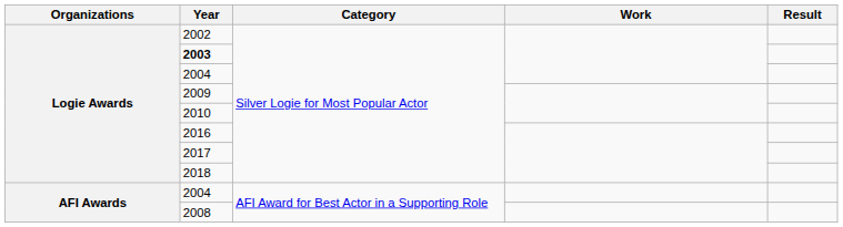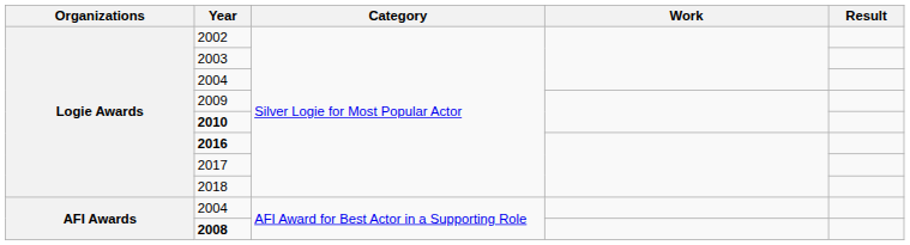 <table class="wikitable sortable plainrowheaders" style=font-size:95%>
 <tr>
 <th scope="col" style="width:20%;">Organizations</th>
 <th scope="col" style="width:6%;">Year</th>
 <th scope="col" style="width:31%;">Category</th>
 <th scope="col" style="width:30%;">Work</th>
 <th scope="col" style="width:8%;">Result</th>
 </tr>
 <tr>
 <th scope="row" rowspan=8>Logie Awards</th>
 <td>2002</td>
 <td rowspan=8><a href='#'>Silver Logie for Most Popular Actor</a></td>
 <td rowspan=3></td>
 <td></td>
 </tr>
 <tr>
-<td><strong>2003</strong></td>
+<td>2003</td>
 <td></td>
 </tr>
 <tr>
 <td>2004</td>
 <td></td>
 </tr>
 <tr>
 <td>2009</td>
 <td rowspan=2></td>
 <td></td>
 </tr>
 <tr>
-<td>2010</td>
+<td><strong>2010</strong></td>
 <td></td>
 </tr>
 <tr>
-<td>2016</td>
+<td><strong>2016</strong></td>
 <td rowspan=3></td>
 <td></td>
 </tr>
 <tr>
 <td>2017</td>
 <td></td>
 </tr>
 <tr>
 <td>2018</td>
 <td></td>
 </tr>
 <tr>
 <th scope="row" rowspan=8>AFI Awards</th>
 <td>2004</td>
 <td rowspan=2><a href='#'>AFI Award for Best Actor in a Supporting Role</a></td>
 <td></td>
 <td></td>
 </tr>
 <tr>
-<td>2008</td>
+<td><strong>2008</strong></td>
 <td></td>
 <td></td>
 </tr>
 </table>
